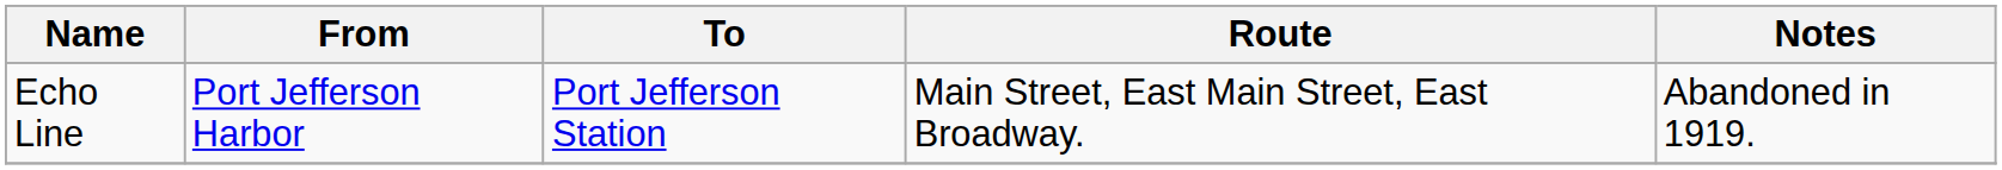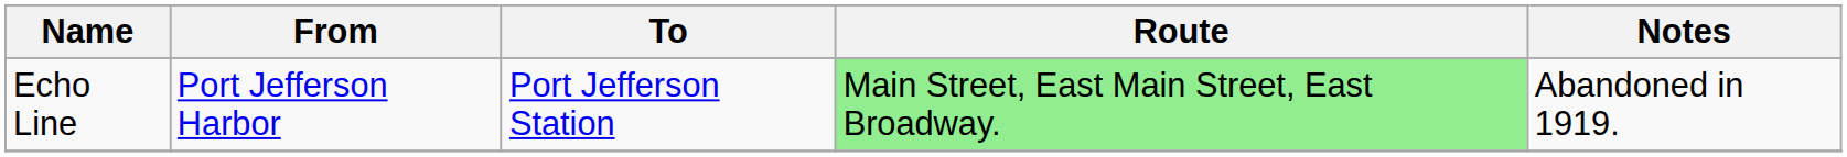 <table class=wikitable>
 <tr>
 <th>Name</th>
 <th>From</th>
 <th>To</th>
 <th>Route</th>
 <th>Notes</th>
 </tr>
 <tr>
 <td>Echo Line</td>
 <td><a href='#'>Port Jefferson Harbor</a></td>
 <td><a href='#'>Port Jefferson Station</a></td>
-<td>Main Street, East Main Street, East Broadway.</td>
+<td style="background: lightgreen;">Main Street, East Main Street, East Broadway.</td>
 <td>Abandoned in 1919.</td>
 </tr>
 <tr>
 </tr>
 </table>
